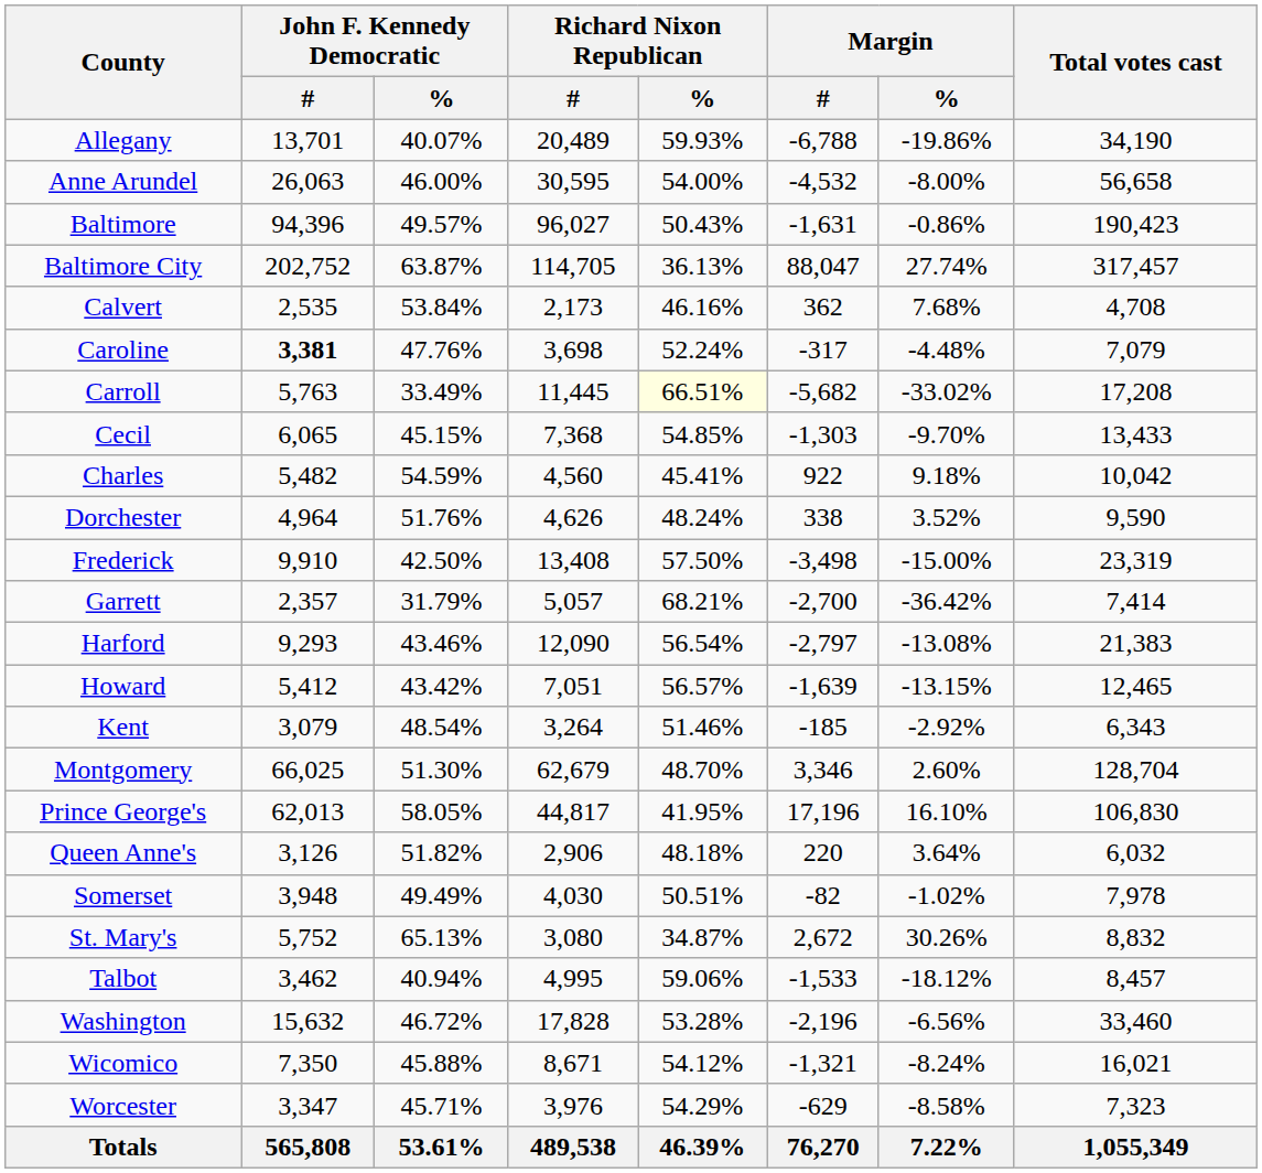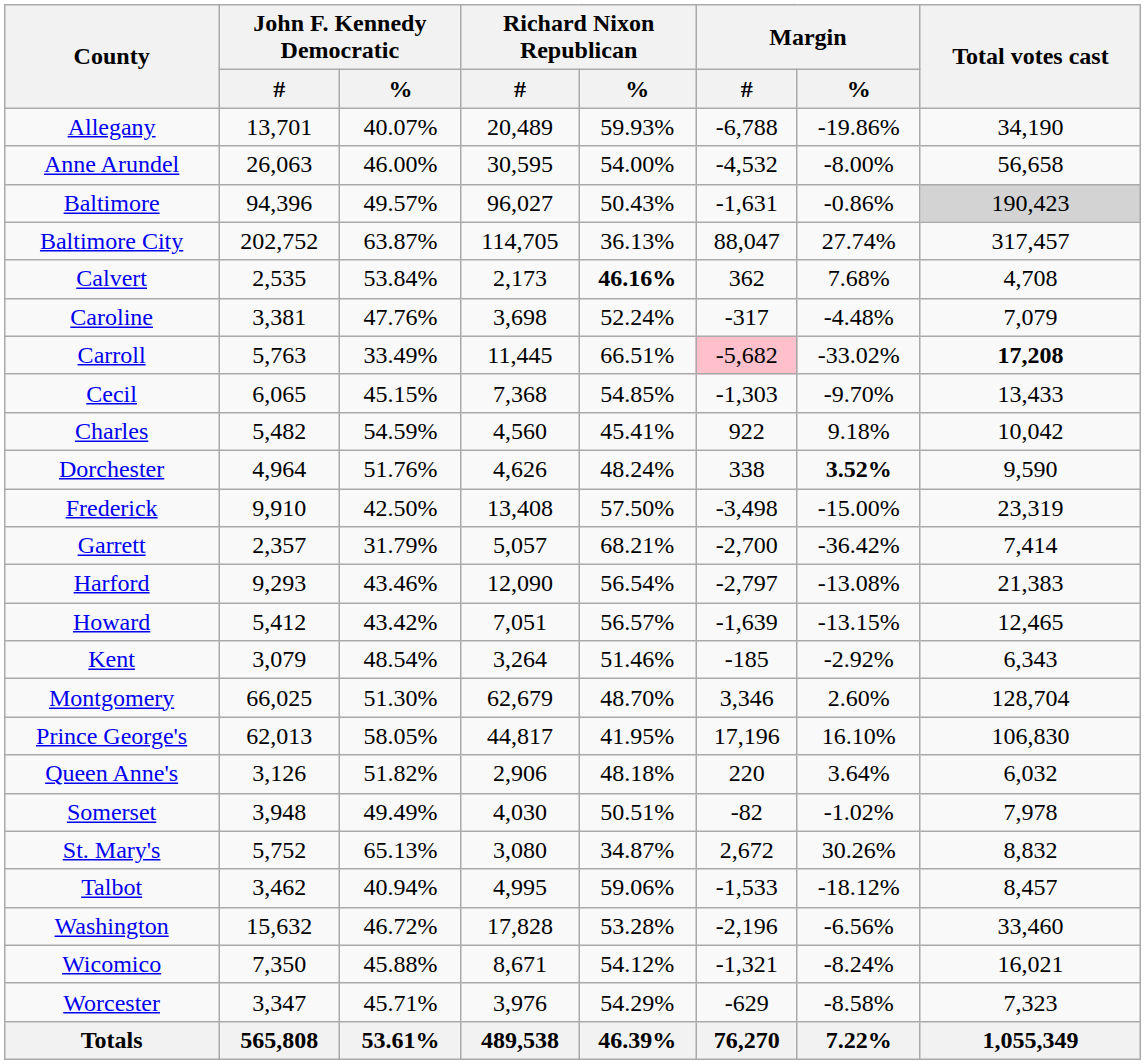 <table width="60%"  class="wikitable sortable" style="text-align:center">
 <tr>
 <th style="text-align:center;" rowspan="2">County</th>
 <th style="text-align:center;" colspan="2">John F. Kennedy<br>Democratic</th>
 <th style="text-align:center;" colspan="2">Richard Nixon<br>Republican</th>
 <th style="text-align:center;" colspan="2">Margin</th>
 <th style="text-align:center;" rowspan="2">Total votes cast</th>
 </tr>
 <tr>
 <th style="text-align:center;" data-sort-type="number">#</th>
 <th style="text-align:center;" data-sort-type="number">%</th>
 <th style="text-align:center;" data-sort-type="number">#</th>
 <th style="text-align:center;" data-sort-type="number">%</th>
 <th style="text-align:center;" data-sort-type="number">#</th>
 <th style="text-align:center;" data-sort-type="number">%</th>
 </tr>
 <tr style="text-align:center;">
 <td><a href='#'>Allegany</a></td>
 <td>13,701</td>
 <td>40.07%</td>
 <td>20,489</td>
 <td>59.93%</td>
 <td>-6,788</td>
 <td>-19.86%</td>
 <td>34,190</td>
 </tr>
 <tr style="text-align:center;">
 <td><a href='#'>Anne Arundel</a></td>
 <td>26,063</td>
 <td>46.00%</td>
 <td>30,595</td>
 <td>54.00%</td>
 <td>-4,532</td>
 <td>-8.00%</td>
 <td>56,658</td>
 </tr>
 <tr style="text-align:center;">
 <td><a href='#'>Baltimore</a></td>
 <td>94,396</td>
 <td>49.57%</td>
 <td>96,027</td>
 <td>50.43%</td>
 <td>-1,631</td>
 <td>-0.86%</td>
-<td>190,423</td>
+<td style="background: lightgrey;">190,423</td>
 </tr>
 <tr style="text-align:center;">
 <td><a href='#'>Baltimore City</a></td>
 <td>202,752</td>
 <td>63.87%</td>
 <td>114,705</td>
 <td>36.13%</td>
 <td>88,047</td>
 <td>27.74%</td>
 <td>317,457</td>
 </tr>
 <tr style="text-align:center;">
 <td><a href='#'>Calvert</a></td>
 <td>2,535</td>
 <td>53.84%</td>
 <td>2,173</td>
-<td>46.16%</td>
+<td><strong>46.16%</strong></td>
 <td>362</td>
 <td>7.68%</td>
 <td>4,708</td>
 </tr>
 <tr style="text-align:center;">
 <td><a href='#'>Caroline</a></td>
-<td><strong>3,381</strong></td>
+<td>3,381</td>
 <td>47.76%</td>
 <td>3,698</td>
 <td>52.24%</td>
 <td>-317</td>
 <td>-4.48%</td>
 <td>7,079</td>
 </tr>
 <tr style="text-align:center;">
 <td><a href='#'>Carroll</a></td>
 <td>5,763</td>
 <td>33.49%</td>
 <td>11,445</td>
-<td style="background: lightyellow;">66.51%</td>
-<td>-5,682</td>
+<td>66.51%</td>
+<td style="background: pink;">-5,682</td>
 <td>-33.02%</td>
-<td>17,208</td>
+<td><strong>17,208</strong></td>
 </tr>
 <tr style="text-align:center;">
 <td><a href='#'>Cecil</a></td>
 <td>6,065</td>
 <td>45.15%</td>
 <td>7,368</td>
 <td>54.85%</td>
 <td>-1,303</td>
 <td>-9.70%</td>
 <td>13,433</td>
 </tr>
 <tr style="text-align:center;">
 <td><a href='#'>Charles</a></td>
 <td>5,482</td>
 <td>54.59%</td>
 <td>4,560</td>
 <td>45.41%</td>
 <td>922</td>
 <td>9.18%</td>
 <td>10,042</td>
 </tr>
 <tr style="text-align:center;">
 <td><a href='#'>Dorchester</a></td>
 <td>4,964</td>
 <td>51.76%</td>
 <td>4,626</td>
 <td>48.24%</td>
 <td>338</td>
-<td>3.52%</td>
+<td><strong>3.52%</strong></td>
 <td>9,590</td>
 </tr>
 <tr style="text-align:center;">
 <td><a href='#'>Frederick</a></td>
 <td>9,910</td>
 <td>42.50%</td>
 <td>13,408</td>
 <td>57.50%</td>
 <td>-3,498</td>
 <td>-15.00%</td>
 <td>23,319</td>
 </tr>
 <tr style="text-align:center;">
 <td><a href='#'>Garrett</a></td>
 <td>2,357</td>
 <td>31.79%</td>
 <td>5,057</td>
 <td>68.21%</td>
 <td>-2,700</td>
 <td>-36.42%</td>
 <td>7,414</td>
 </tr>
 <tr style="text-align:center;">
 <td><a href='#'>Harford</a></td>
 <td>9,293</td>
 <td>43.46%</td>
 <td>12,090</td>
 <td>56.54%</td>
 <td>-2,797</td>
 <td>-13.08%</td>
 <td>21,383</td>
 </tr>
 <tr style="text-align:center;">
 <td><a href='#'>Howard</a></td>
 <td>5,412</td>
 <td>43.42%</td>
 <td>7,051</td>
 <td>56.57%</td>
 <td>-1,639</td>
 <td>-13.15%</td>
 <td>12,465</td>
 </tr>
 <tr style="text-align:center;">
 <td><a href='#'>Kent</a></td>
 <td>3,079</td>
 <td>48.54%</td>
 <td>3,264</td>
 <td>51.46%</td>
 <td>-185</td>
 <td>-2.92%</td>
 <td>6,343</td>
 </tr>
 <tr style="text-align:center;">
 <td><a href='#'>Montgomery</a></td>
 <td>66,025</td>
 <td>51.30%</td>
 <td>62,679</td>
 <td>48.70%</td>
 <td>3,346</td>
 <td>2.60%</td>
 <td>128,704</td>
 </tr>
 <tr style="text-align:center;">
 <td><a href='#'>Prince George's</a></td>
 <td>62,013</td>
 <td>58.05%</td>
 <td>44,817</td>
 <td>41.95%</td>
 <td>17,196</td>
 <td>16.10%</td>
 <td>106,830</td>
 </tr>
 <tr style="text-align:center;">
 <td><a href='#'>Queen Anne's</a></td>
 <td>3,126</td>
 <td>51.82%</td>
 <td>2,906</td>
 <td>48.18%</td>
 <td>220</td>
 <td>3.64%</td>
 <td>6,032</td>
 </tr>
 <tr style="text-align:center;">
 <td><a href='#'>Somerset</a></td>
 <td>3,948</td>
 <td>49.49%</td>
 <td>4,030</td>
 <td>50.51%</td>
 <td>-82</td>
 <td>-1.02%</td>
 <td>7,978</td>
 </tr>
 <tr style="text-align:center;">
 <td><a href='#'>St. Mary's</a></td>
 <td>5,752</td>
 <td>65.13%</td>
 <td>3,080</td>
 <td>34.87%</td>
 <td>2,672</td>
 <td>30.26%</td>
 <td>8,832</td>
 </tr>
 <tr style="text-align:center;">
 <td><a href='#'>Talbot</a></td>
 <td>3,462</td>
 <td>40.94%</td>
 <td>4,995</td>
 <td>59.06%</td>
 <td>-1,533</td>
 <td>-18.12%</td>
 <td>8,457</td>
 </tr>
 <tr style="text-align:center;">
 <td><a href='#'>Washington</a></td>
 <td>15,632</td>
 <td>46.72%</td>
 <td>17,828</td>
 <td>53.28%</td>
 <td>-2,196</td>
 <td>-6.56%</td>
 <td>33,460</td>
 </tr>
 <tr style="text-align:center;">
 <td><a href='#'>Wicomico</a></td>
 <td>7,350</td>
 <td>45.88%</td>
 <td>8,671</td>
 <td>54.12%</td>
 <td>-1,321</td>
 <td>-8.24%</td>
 <td>16,021</td>
 </tr>
 <tr style="text-align:center;">
 <td><a href='#'>Worcester</a></td>
 <td>3,347</td>
 <td>45.71%</td>
 <td>3,976</td>
 <td>54.29%</td>
 <td>-629</td>
 <td>-8.58%</td>
 <td>7,323</td>
 </tr>
 <tr style="text-align:center;">
 <th>Totals</th>
 <th>565,808</th>
 <th>53.61%</th>
 <th>489,538</th>
 <th>46.39%</th>
 <th>76,270</th>
 <th>7.22%</th>
 <th>1,055,349</th>
 </tr>
 </table>
